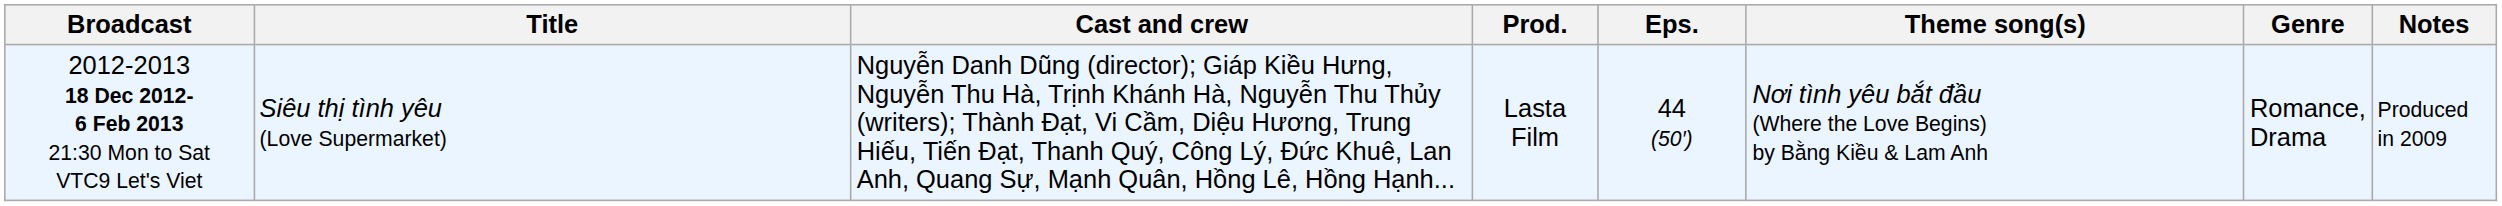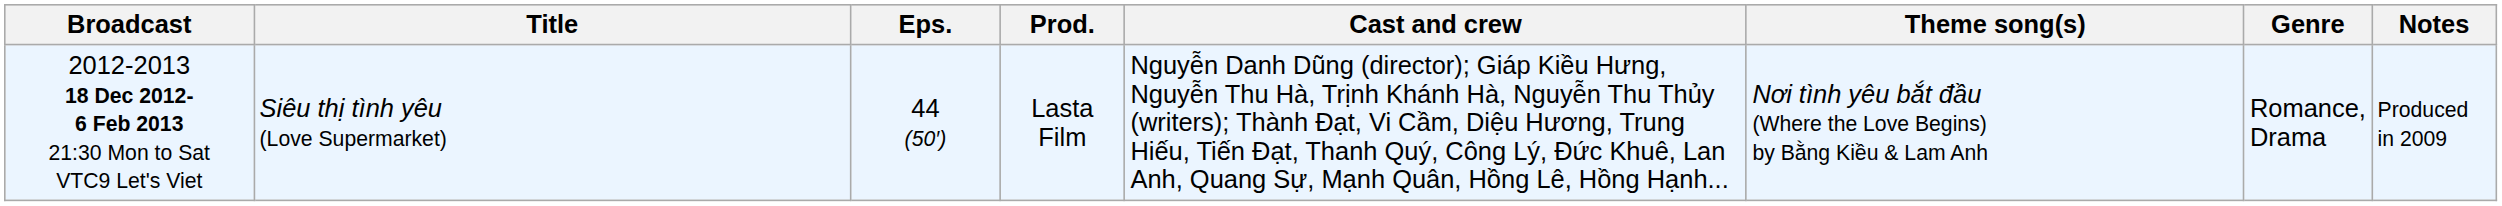 <table class="wikitable sortable">
 <tr>
 <th style="width:10%;">Broadcast</th>
 <th style="width:24%;">Title</th>
+<th style="width:6%;">Eps.</th>
+<th style="width:5%;">Prod.</th>
 <th style="width:25%;">Cast and crew</th>
-<th style="width:5%;">Prod.</th>
-<th style="width:6%;">Eps.</th>
 <th style="width:20%;">Theme song(s)</th>
 <th style="width:5%;">Genre</th>
 <th style="width:5%;">Notes</th>
 </tr>
 <tr ---- bgcolor="#ebf5ff">
 <td style="text-align:center;">2012-2013<br><small><strong>18 Dec 2012-<br>6 Feb 2013</strong><br>21:30 Mon to Sat<br>VTC9 Let's Viet</small><br></td>
 <td><em>Siêu thị tình yêu</em> <br><small>(Love Supermarket)</small></td>
+<td style="text-align:center;">44<br><small><em>(50′)</em></small></td>
+<td style="text-align:center;">Lasta Film</td>
 <td>Nguyễn Danh Dũng (director); Giáp Kiều Hưng, Nguyễn Thu Hà, Trịnh Khánh Hà, Nguyễn Thu Thủy (writers); Thành Đạt, Vi Cầm, Diệu Hương, Trung Hiếu, Tiến Đạt, Thanh Quý, Công Lý, Đức Khuê, Lan Anh, Quang Sự, Mạnh Quân, Hồng Lê, Hồng Hạnh...</td>
-<td style="text-align:center;">Lasta Film</td>
-<td style="text-align:center;">44<br><small><em>(50′)</em></small></td>
 <td><em>Nơi tình yêu bắt đầu</em><br><small>(Where the Love Begins)<br>by Bằng Kiều & Lam Anh</small></td>
 <td>Romance, Drama</td>
 <td><small>Produced in 2009</small></td>
 </tr>
 </table>
